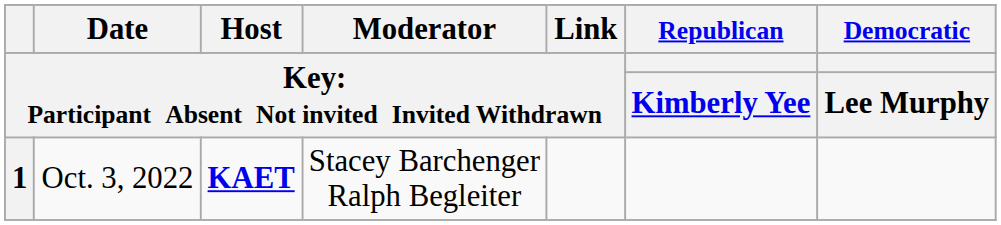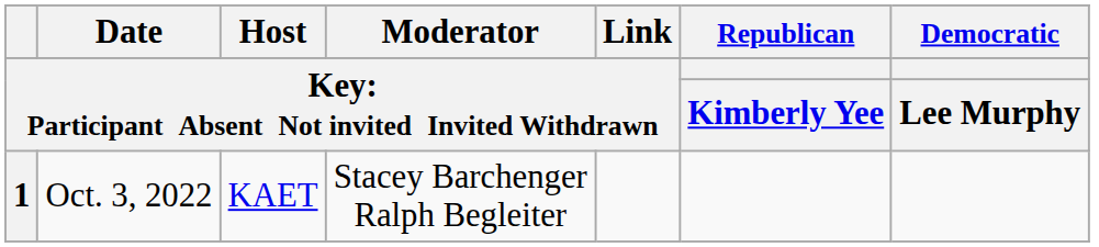 <table class="wikitable" style="text-align:center;">
 <tr>
 <th scope="col"></th>
 <th scope="col">Date</th>
 <th scope="col">Host</th>
 <th scope="col">Moderator</th>
 <th scope="col">Link</th>
 <th scope="col"><small><a href='#'>Republican</a></small></th>
 <th scope="col"><small><a href='#'>Democratic</a></small></th>
 </tr>
 <tr>
 <th colspan="5" rowspan="2">Key:<br> <small>Participant </small>  <small>Absent </small>  <small>Not invited </small>  <small>Invited  Withdrawn</small></th>
 <th scope="col" style="background:"></th>
 <th scope="col" style="background:"></th>
 </tr>
 <tr>
 <th scope="col"><a href='#'>Kimberly Yee</a></th>
 <th scope="col">Lee Murphy</th>
 </tr>
 <tr>
 <th>1</th>
 <td style="white-space:nowrap;">Oct. 3, 2022</td>
-<td style="white-space:nowrap;"><strong><a href='#'>KAET</a></strong></td>
+<td style="white-space:nowrap;"><a href='#'>KAET</a></td>
 <td style="white-space:nowrap;">Stacey Barchenger<br>Ralph Begleiter</td>
 <td style="white-space:nowrap;"></td>
 <td></td>
 <td></td>
 </tr>
 </table>
